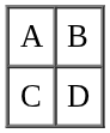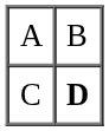 <table border="1" cellspacing="0" cellpadding="5" align="center">
 <tr>
 <td>A</td>
 <td>B</td>
 </tr>
 <tr>
 <td>C</td>
-<td>D</td>
+<td><strong>D</strong></td>
 </tr>
 <tr>
 </tr>
 </table>
